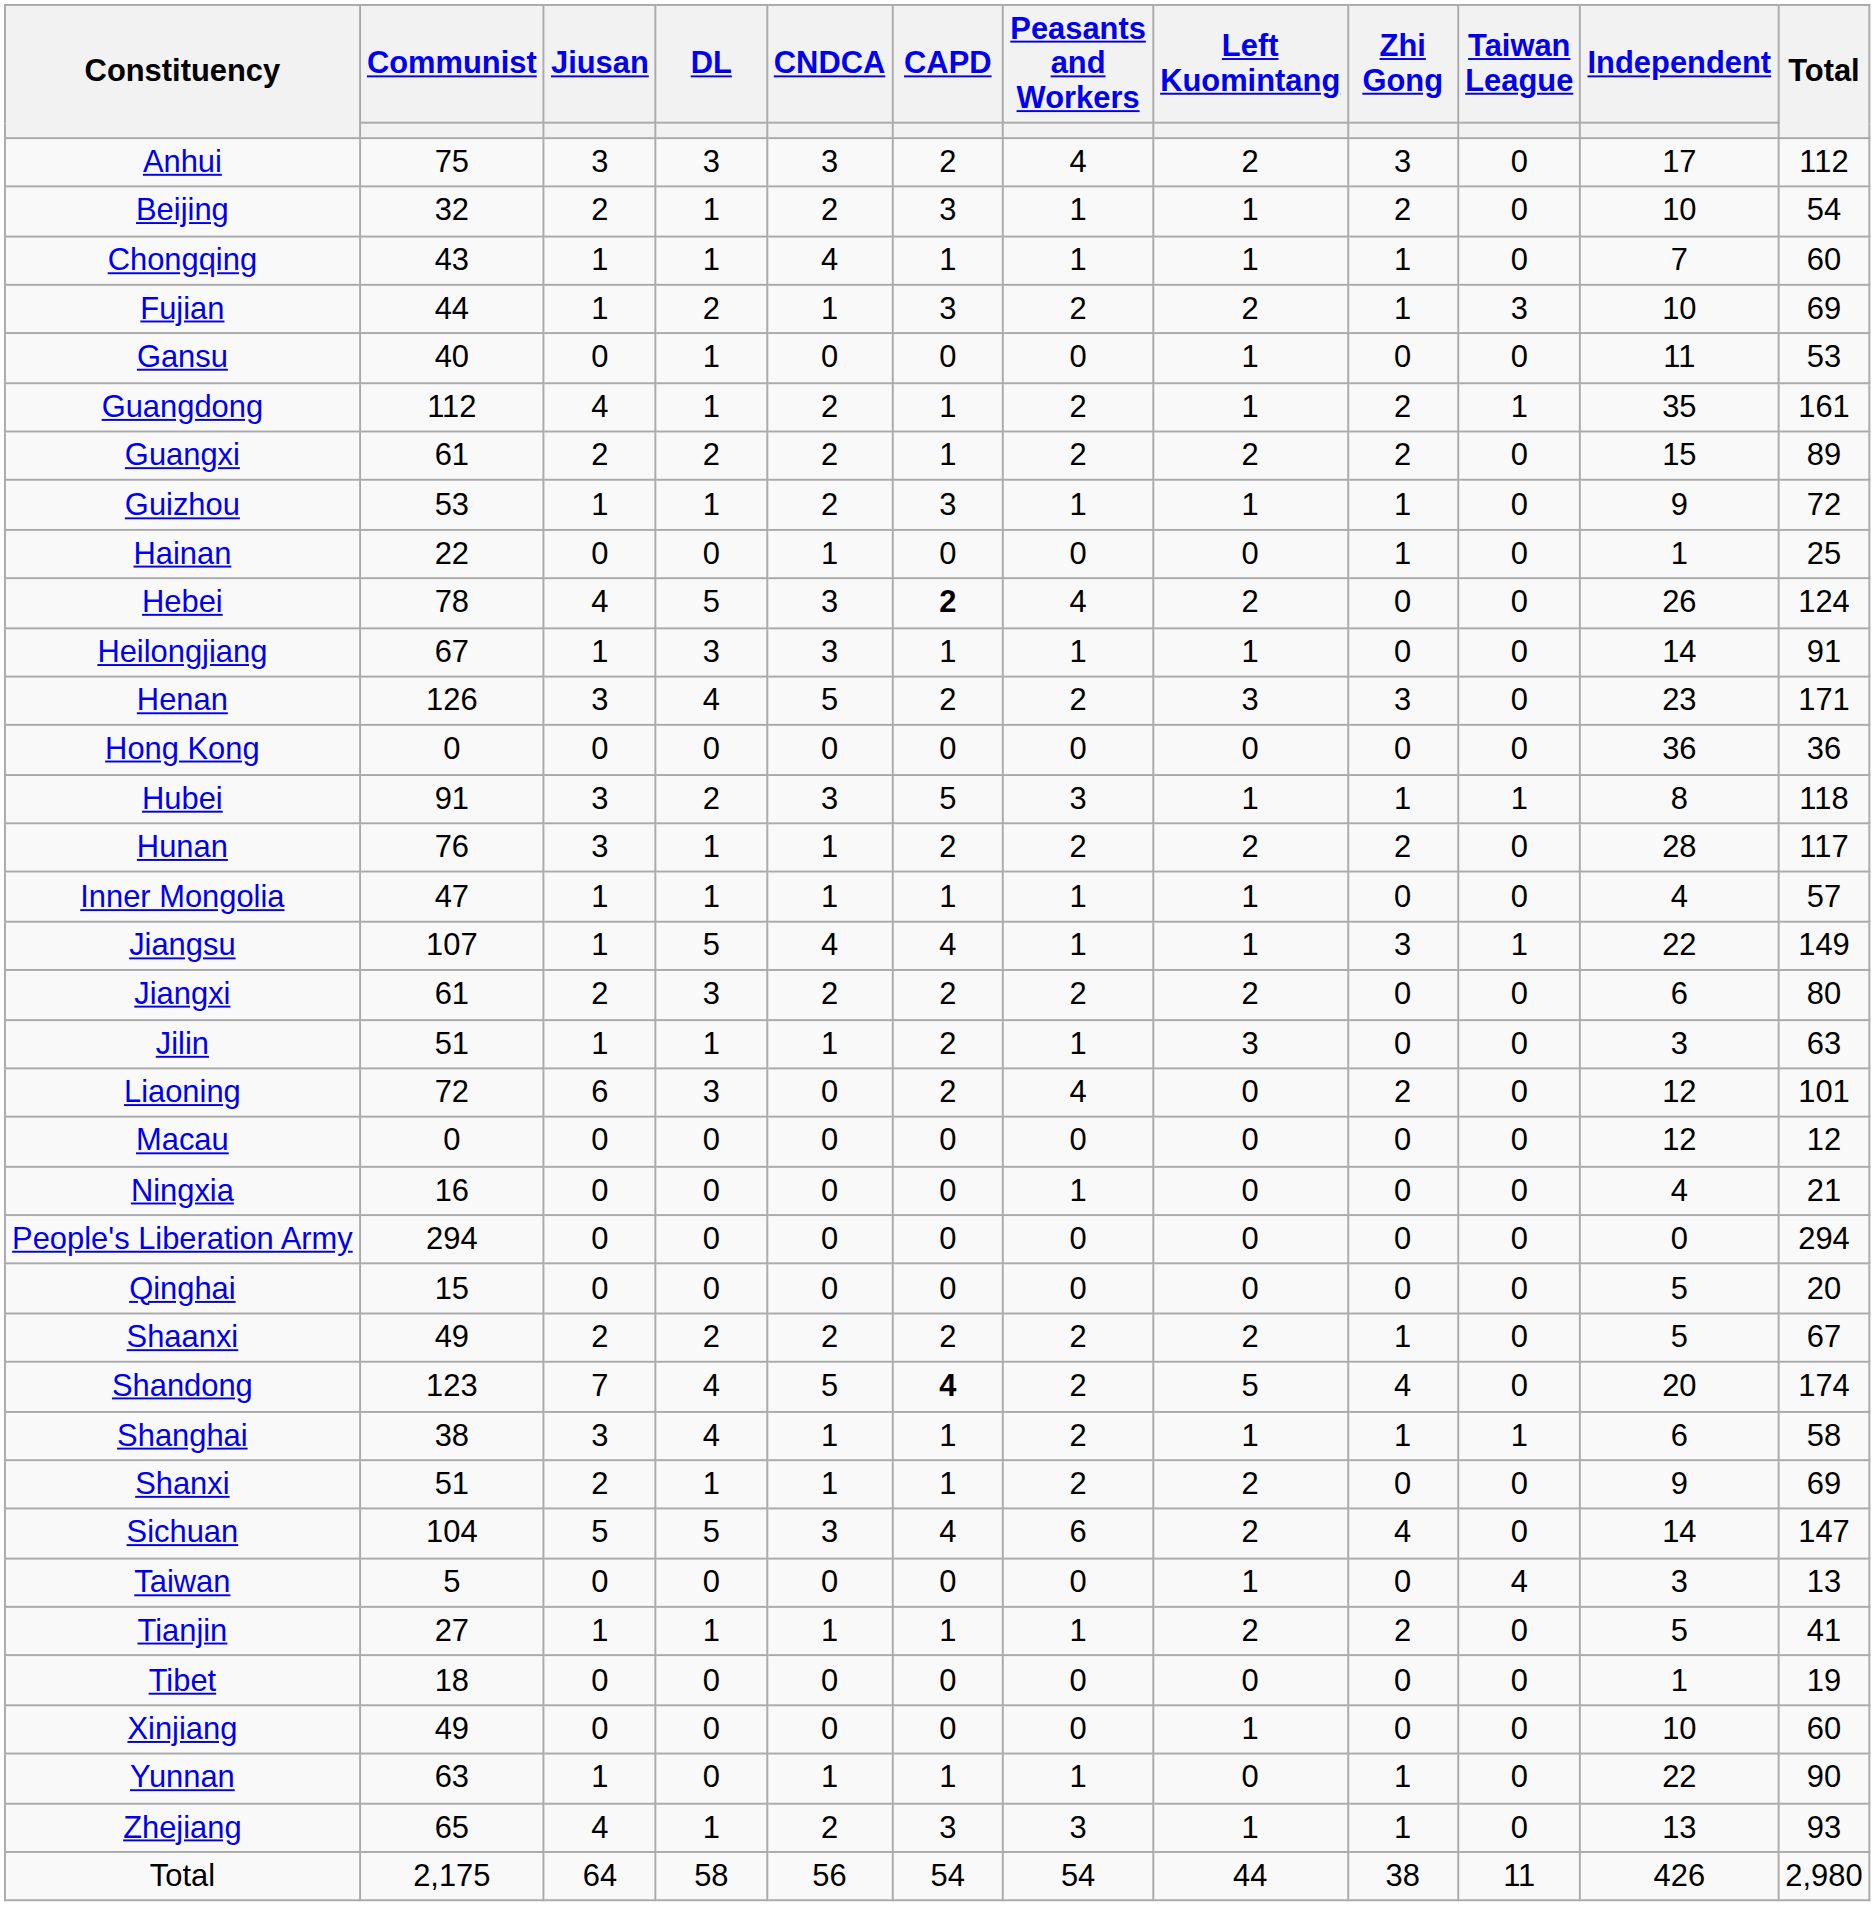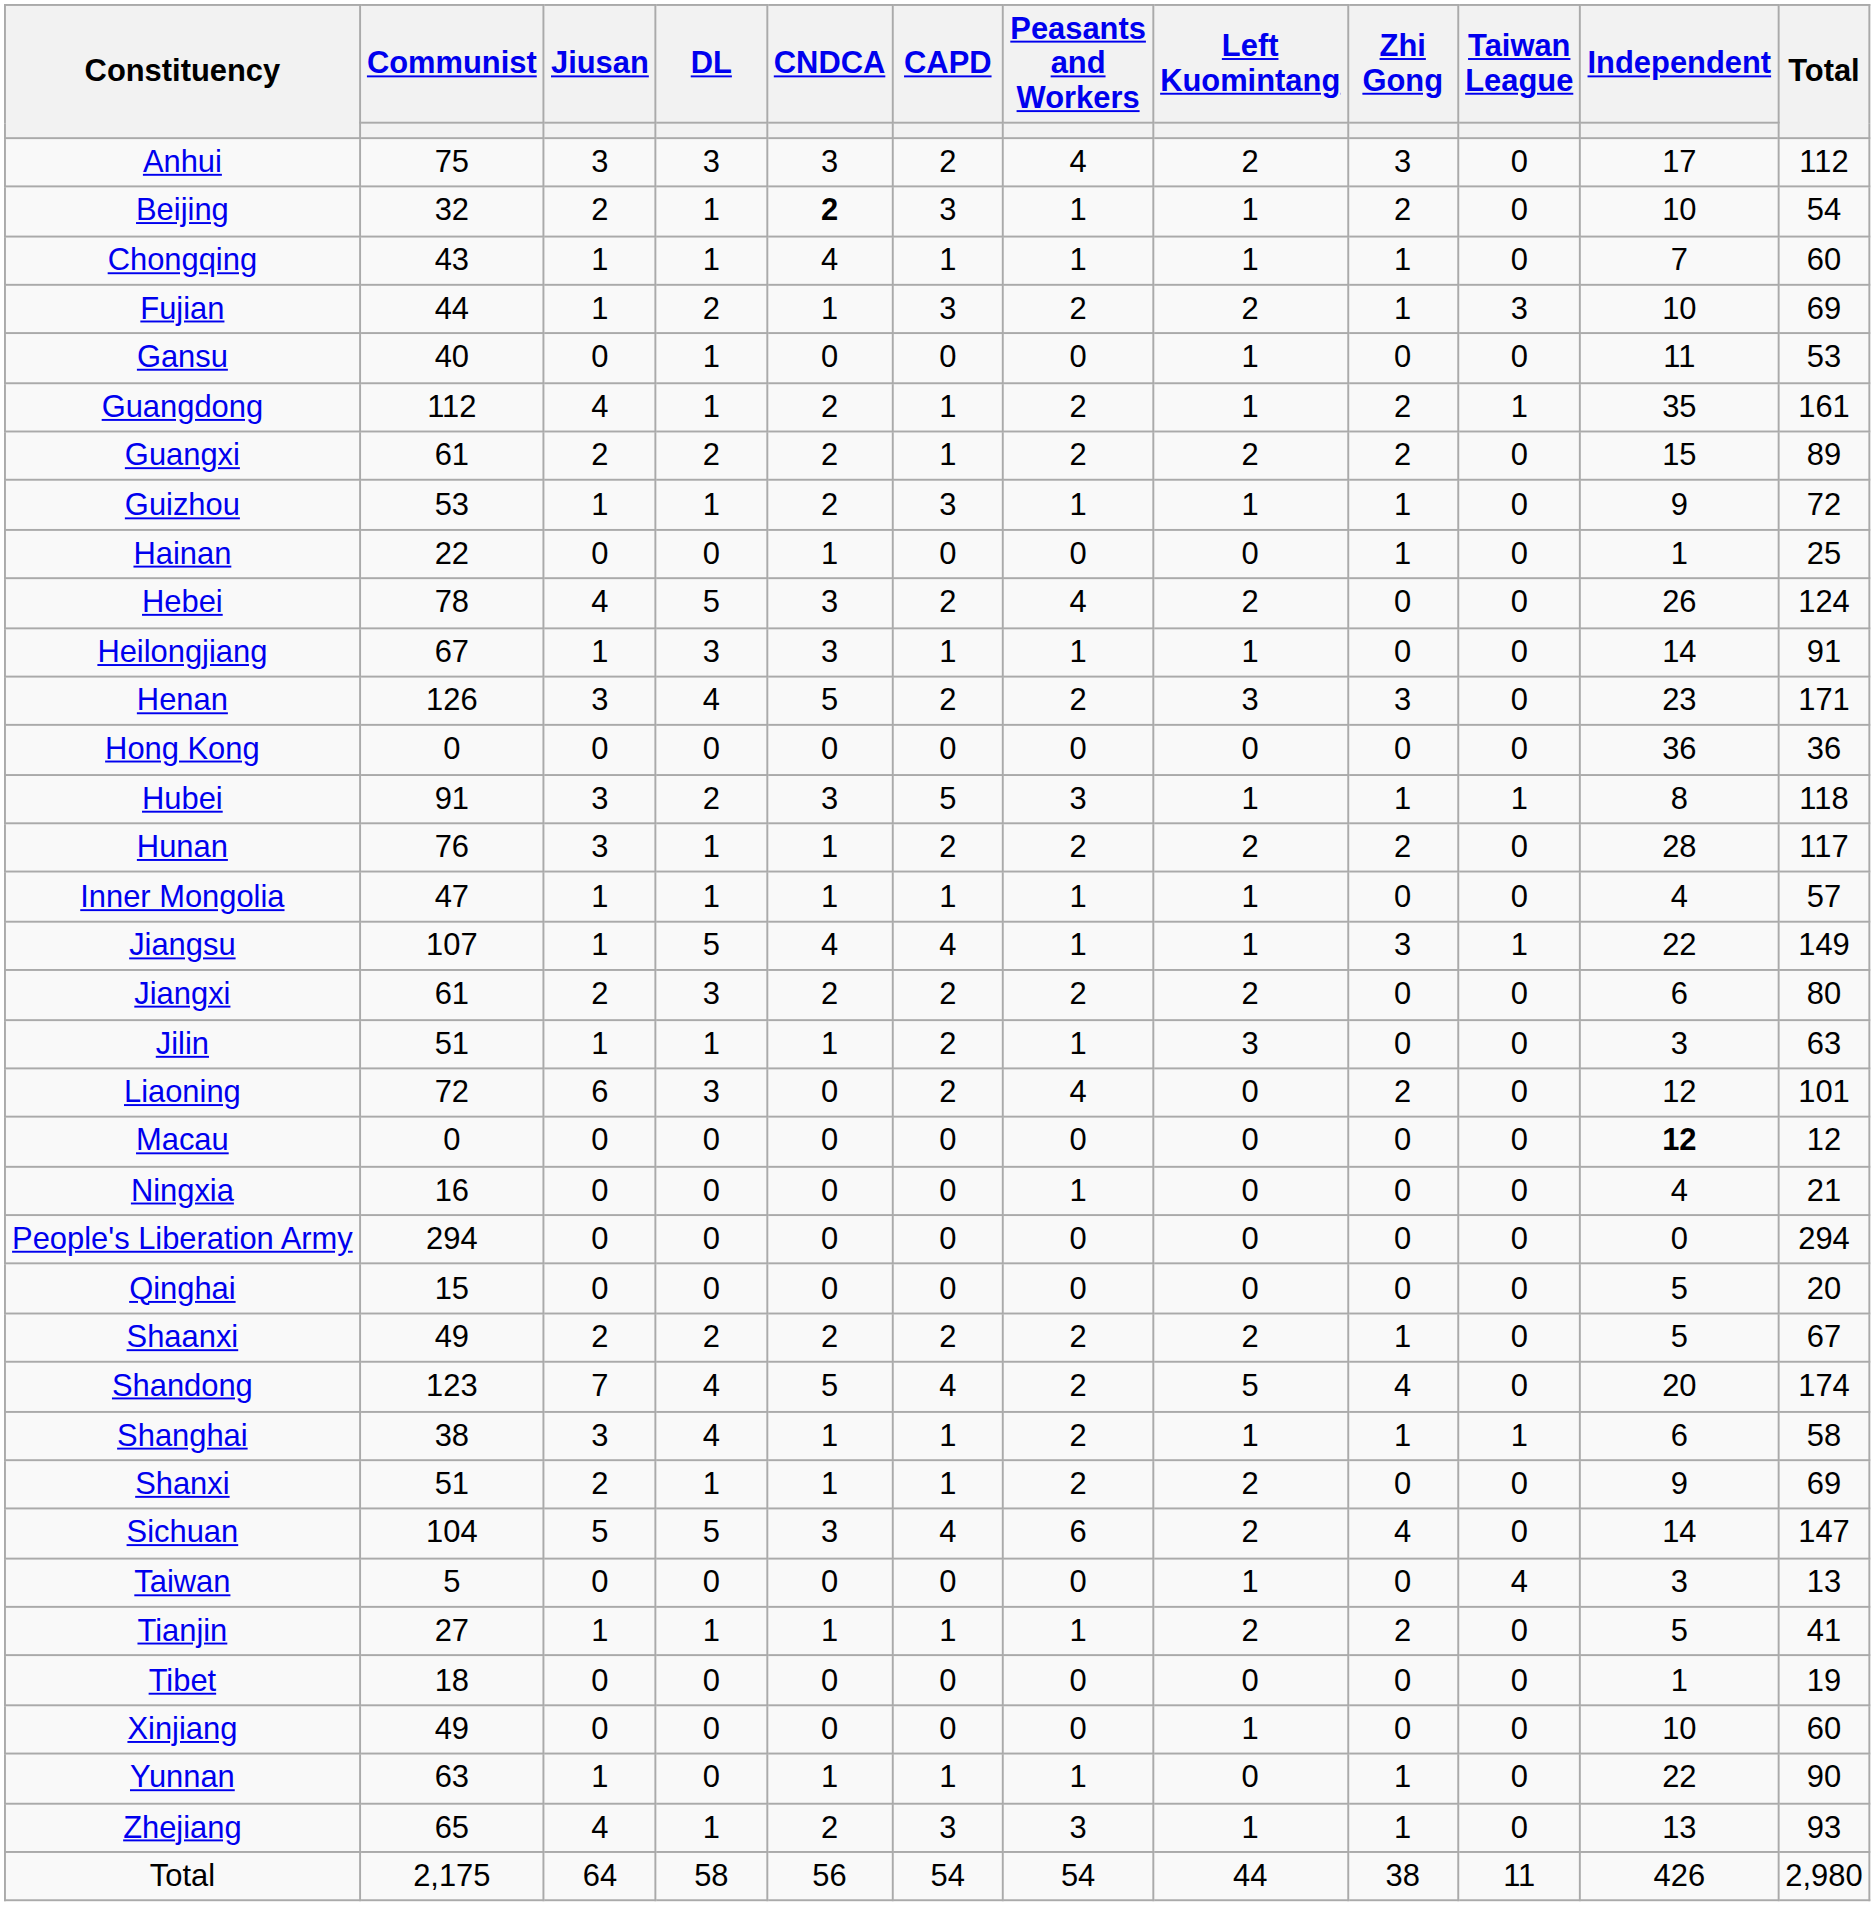 <table class=wikitable style=text-align:center>
 <tr>
 <th rowspan="2">Constituency</th>
 <th style="width:50px;"><a href='#'>Communist</a></th>
 <th style="width:50px;"><a href='#'>Jiusan</a></th>
 <th style="width:50px;"><a href='#'>DL</a></th>
 <th style="width:50px;"><a href='#'>CNDCA</a></th>
 <th style="width:50px;"><a href='#'>CAPD</a></th>
 <th style="width:50px;"><a href='#'>Peasants and Workers</a></th>
 <th style="width:50px;"><a href='#'>Left Kuomintang</a></th>
 <th style="width:50px;"><a href='#'>Zhi Gong</a></th>
 <th style="width:50px;"><a href='#'>Taiwan League</a></th>
 <th style="width:50px;"><a href='#'>Independent</a></th>
 <th rowspan="2">Total</th>
 </tr>
 <tr>
 <th style='background:'></th>
 <th style='background:'></th>
 <th style='background:'></th>
 <th style='background:'></th>
 <th style='background:'></th>
 <th style='background:'></th>
 <th style='background:'></th>
 <th style='background:'></th>
 <th style='background:'></th>
 <th style='background:'></th>
 </tr>
 <tr>
 <td><a href='#'>Anhui</a></td>
 <td>75</td>
 <td>3</td>
 <td>3</td>
 <td>3</td>
 <td>2</td>
 <td>4</td>
 <td>2</td>
 <td>3</td>
 <td>0</td>
 <td>17</td>
 <td>112</td>
 </tr>
 <tr>
 <td><a href='#'>Beijing</a></td>
 <td>32</td>
 <td>2</td>
 <td>1</td>
-<td>2</td>
+<td><strong>2</strong></td>
 <td>3</td>
 <td>1</td>
 <td>1</td>
 <td>2</td>
 <td>0</td>
 <td>10</td>
 <td>54</td>
 </tr>
 <tr>
 <td><a href='#'>Chongqing</a></td>
 <td>43</td>
 <td>1</td>
 <td>1</td>
 <td>4</td>
 <td>1</td>
 <td>1</td>
 <td>1</td>
 <td>1</td>
 <td>0</td>
 <td>7</td>
 <td>60</td>
 </tr>
 <tr>
 <td><a href='#'>Fujian</a></td>
 <td>44</td>
 <td>1</td>
 <td>2</td>
 <td>1</td>
 <td>3</td>
 <td>2</td>
 <td>2</td>
 <td>1</td>
 <td>3</td>
 <td>10</td>
 <td>69</td>
 </tr>
 <tr>
 <td><a href='#'>Gansu</a></td>
 <td>40</td>
 <td>0</td>
 <td>1</td>
 <td>0</td>
 <td>0</td>
 <td>0</td>
 <td>1</td>
 <td>0</td>
 <td>0</td>
 <td>11</td>
 <td>53</td>
 </tr>
 <tr>
 <td><a href='#'>Guangdong</a></td>
 <td>112</td>
 <td>4</td>
 <td>1</td>
 <td>2</td>
 <td>1</td>
 <td>2</td>
 <td>1</td>
 <td>2</td>
 <td>1</td>
 <td>35</td>
 <td>161</td>
 </tr>
 <tr>
 <td><a href='#'>Guangxi</a></td>
 <td>61</td>
 <td>2</td>
 <td>2</td>
 <td>2</td>
 <td>1</td>
 <td>2</td>
 <td>2</td>
 <td>2</td>
 <td>0</td>
 <td>15</td>
 <td>89</td>
 </tr>
 <tr>
 <td><a href='#'>Guizhou</a></td>
 <td>53</td>
 <td>1</td>
 <td>1</td>
 <td>2</td>
 <td>3</td>
 <td>1</td>
 <td>1</td>
 <td>1</td>
 <td>0</td>
 <td>9</td>
 <td>72</td>
 </tr>
 <tr>
 <td><a href='#'>Hainan</a></td>
 <td>22</td>
 <td>0</td>
 <td>0</td>
 <td>1</td>
 <td>0</td>
 <td>0</td>
 <td>0</td>
 <td>1</td>
 <td>0</td>
 <td>1</td>
 <td>25</td>
 </tr>
 <tr>
 <td><a href='#'>Hebei</a></td>
 <td>78</td>
 <td>4</td>
 <td>5</td>
 <td>3</td>
-<td><strong>2</strong></td>
+<td>2</td>
 <td>4</td>
 <td>2</td>
 <td>0</td>
 <td>0</td>
 <td>26</td>
 <td>124</td>
 </tr>
 <tr>
 <td><a href='#'>Heilongjiang</a></td>
 <td>67</td>
 <td>1</td>
 <td>3</td>
 <td>3</td>
 <td>1</td>
 <td>1</td>
 <td>1</td>
 <td>0</td>
 <td>0</td>
 <td>14</td>
 <td>91</td>
 </tr>
 <tr>
 <td><a href='#'>Henan</a></td>
 <td>126</td>
 <td>3</td>
 <td>4</td>
 <td>5</td>
 <td>2</td>
 <td>2</td>
 <td>3</td>
 <td>3</td>
 <td>0</td>
 <td>23</td>
 <td>171</td>
 </tr>
 <tr>
 <td><a href='#'>Hong Kong</a></td>
 <td>0</td>
 <td>0</td>
 <td>0</td>
 <td>0</td>
 <td>0</td>
 <td>0</td>
 <td>0</td>
 <td>0</td>
 <td>0</td>
 <td>36</td>
 <td>36</td>
 </tr>
 <tr>
 <td><a href='#'>Hubei</a></td>
 <td>91</td>
 <td>3</td>
 <td>2</td>
 <td>3</td>
 <td>5</td>
 <td>3</td>
 <td>1</td>
 <td>1</td>
 <td>1</td>
 <td>8</td>
 <td>118</td>
 </tr>
 <tr>
 <td><a href='#'>Hunan</a></td>
 <td>76</td>
 <td>3</td>
 <td>1</td>
 <td>1</td>
 <td>2</td>
 <td>2</td>
 <td>2</td>
 <td>2</td>
 <td>0</td>
 <td>28</td>
 <td>117</td>
 </tr>
 <tr>
 <td><a href='#'>Inner Mongolia</a></td>
 <td>47</td>
 <td>1</td>
 <td>1</td>
 <td>1</td>
 <td>1</td>
 <td>1</td>
 <td>1</td>
 <td>0</td>
 <td>0</td>
 <td>4</td>
 <td>57</td>
 </tr>
 <tr>
 <td><a href='#'>Jiangsu</a></td>
 <td>107</td>
 <td>1</td>
 <td>5</td>
 <td>4</td>
 <td>4</td>
 <td>1</td>
 <td>1</td>
 <td>3</td>
 <td>1</td>
 <td>22</td>
 <td>149</td>
 </tr>
 <tr>
 <td><a href='#'>Jiangxi</a></td>
 <td>61</td>
 <td>2</td>
 <td>3</td>
 <td>2</td>
 <td>2</td>
 <td>2</td>
 <td>2</td>
 <td>0</td>
 <td>0</td>
 <td>6</td>
 <td>80</td>
 </tr>
 <tr>
 <td><a href='#'>Jilin</a></td>
 <td>51</td>
 <td>1</td>
 <td>1</td>
 <td>1</td>
 <td>2</td>
 <td>1</td>
 <td>3</td>
 <td>0</td>
 <td>0</td>
 <td>3</td>
 <td>63</td>
 </tr>
 <tr>
 <td><a href='#'>Liaoning</a></td>
 <td>72</td>
 <td>6</td>
 <td>3</td>
 <td>0</td>
 <td>2</td>
 <td>4</td>
 <td>0</td>
 <td>2</td>
 <td>0</td>
 <td>12</td>
 <td>101</td>
 </tr>
 <tr>
 <td><a href='#'>Macau</a></td>
 <td>0</td>
 <td>0</td>
 <td>0</td>
 <td>0</td>
 <td>0</td>
 <td>0</td>
 <td>0</td>
 <td>0</td>
 <td>0</td>
-<td>12</td>
+<td><strong>12</strong></td>
 <td>12</td>
 </tr>
 <tr>
 <td><a href='#'>Ningxia</a></td>
 <td>16</td>
 <td>0</td>
 <td>0</td>
 <td>0</td>
 <td>0</td>
 <td>1</td>
 <td>0</td>
 <td>0</td>
 <td>0</td>
 <td>4</td>
 <td>21</td>
 </tr>
 <tr>
 <td><a href='#'>People's Liberation Army</a></td>
 <td>294</td>
 <td>0</td>
 <td>0</td>
 <td>0</td>
 <td>0</td>
 <td>0</td>
 <td>0</td>
 <td>0</td>
 <td>0</td>
 <td>0</td>
 <td>294</td>
 </tr>
 <tr>
 <td><a href='#'>Qinghai</a></td>
 <td>15</td>
 <td>0</td>
 <td>0</td>
 <td>0</td>
 <td>0</td>
 <td>0</td>
 <td>0</td>
 <td>0</td>
 <td>0</td>
 <td>5</td>
 <td>20</td>
 </tr>
 <tr>
 <td><a href='#'>Shaanxi</a></td>
 <td>49</td>
 <td>2</td>
 <td>2</td>
 <td>2</td>
 <td>2</td>
 <td>2</td>
 <td>2</td>
 <td>1</td>
 <td>0</td>
 <td>5</td>
 <td>67</td>
 </tr>
 <tr>
 <td><a href='#'>Shandong</a></td>
 <td>123</td>
 <td>7</td>
 <td>4</td>
 <td>5</td>
-<td><strong>4</strong></td>
+<td>4</td>
 <td>2</td>
 <td>5</td>
 <td>4</td>
 <td>0</td>
 <td>20</td>
 <td>174</td>
 </tr>
 <tr>
 <td><a href='#'>Shanghai</a></td>
 <td>38</td>
 <td>3</td>
 <td>4</td>
 <td>1</td>
 <td>1</td>
 <td>2</td>
 <td>1</td>
 <td>1</td>
 <td>1</td>
 <td>6</td>
 <td>58</td>
 </tr>
 <tr>
 <td><a href='#'>Shanxi</a></td>
 <td>51</td>
 <td>2</td>
 <td>1</td>
 <td>1</td>
 <td>1</td>
 <td>2</td>
 <td>2</td>
 <td>0</td>
 <td>0</td>
 <td>9</td>
 <td>69</td>
 </tr>
 <tr>
 <td><a href='#'>Sichuan</a></td>
 <td>104</td>
 <td>5</td>
 <td>5</td>
 <td>3</td>
 <td>4</td>
 <td>6</td>
 <td>2</td>
 <td>4</td>
 <td>0</td>
 <td>14</td>
 <td>147</td>
 </tr>
 <tr>
 <td><a href='#'>Taiwan</a></td>
 <td>5</td>
 <td>0</td>
 <td>0</td>
 <td>0</td>
 <td>0</td>
 <td>0</td>
 <td>1</td>
 <td>0</td>
 <td>4</td>
 <td>3</td>
 <td>13</td>
 </tr>
 <tr>
 <td><a href='#'>Tianjin</a></td>
 <td>27</td>
 <td>1</td>
 <td>1</td>
 <td>1</td>
 <td>1</td>
 <td>1</td>
 <td>2</td>
 <td>2</td>
 <td>0</td>
 <td>5</td>
 <td>41</td>
 </tr>
 <tr>
 <td><a href='#'>Tibet</a></td>
 <td>18</td>
 <td>0</td>
 <td>0</td>
 <td>0</td>
 <td>0</td>
 <td>0</td>
 <td>0</td>
 <td>0</td>
 <td>0</td>
 <td>1</td>
 <td>19</td>
 </tr>
 <tr>
 <td><a href='#'>Xinjiang</a></td>
 <td>49</td>
 <td>0</td>
 <td>0</td>
 <td>0</td>
 <td>0</td>
 <td>0</td>
 <td>1</td>
 <td>0</td>
 <td>0</td>
 <td>10</td>
 <td>60</td>
 </tr>
 <tr>
 <td><a href='#'>Yunnan</a></td>
 <td>63</td>
 <td>1</td>
 <td>0</td>
 <td>1</td>
 <td>1</td>
 <td>1</td>
 <td>0</td>
 <td>1</td>
 <td>0</td>
 <td>22</td>
 <td>90</td>
 </tr>
 <tr>
 <td><a href='#'>Zhejiang</a></td>
 <td>65</td>
 <td>4</td>
 <td>1</td>
 <td>2</td>
 <td>3</td>
 <td>3</td>
 <td>1</td>
 <td>1</td>
 <td>0</td>
 <td>13</td>
 <td>93</td>
 </tr>
 <tr>
 <td>Total</td>
 <td>2,175</td>
 <td>64</td>
 <td>58</td>
 <td>56</td>
 <td>54</td>
 <td>54</td>
 <td>44</td>
 <td>38</td>
 <td>11</td>
 <td>426</td>
 <td>2,980</td>
 </tr>
 </table>
